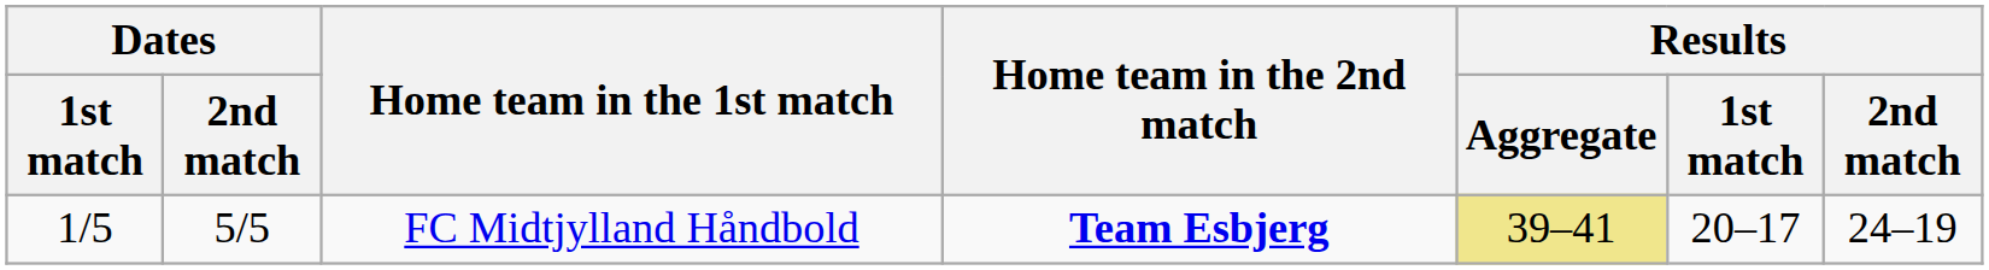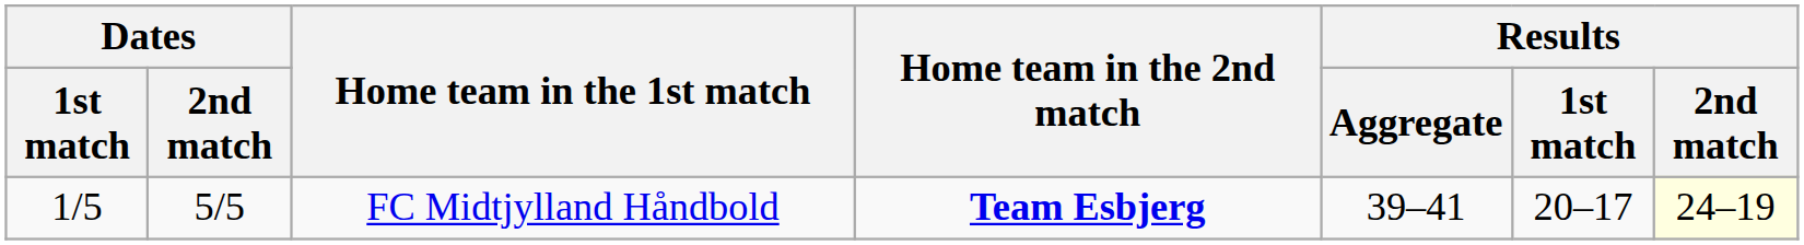 <table class="wikitable" style="text-align:center; margin-left:1em;">
 <tr>
 <th colspan="2">Dates</th>
 <th rowspan="2" style="width:220px;">Home team in the 1st match</th>
 <th rowspan="2" style="width:180px;">Home team in the 2nd match</th>
 <th colspan="3">Results</th>
 </tr>
 <tr>
 <th style="width:50px;">1st match</th>
 <th style="width:50px;">2nd match</th>
 <th style="width:50px;">Aggregate</th>
 <th style="width:50px;">1st match</th>
 <th style="width:50px;">2nd match</th>
 </tr>
 <tr>
 <td>1/5</td>
 <td>5/5</td>
 <td><a href='#'>FC Midtjylland Håndbold</a></td>
 <td><strong><a href='#'>Team Esbjerg</a></strong></td>
-<td style="background: khaki;">39–41</td>
+<td>39–41</td>
 <td>20–17</td>
-<td>24–19</td>
+<td style="background: lightyellow;">24–19</td>
 </tr>
 </table>
